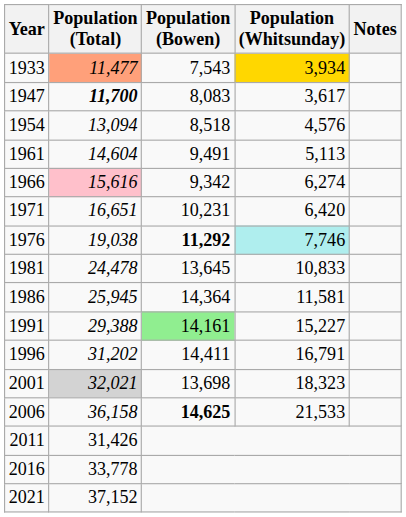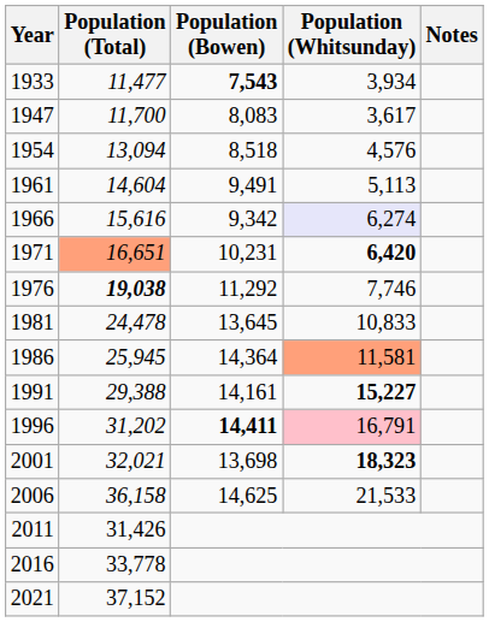 <table class="wikitable" style="text-align:right;">
 <tr>
 <th>Year</th>
 <th>Population<br>(Total)</th>
 <th>Population<br>(Bowen)</th>
 <th>Population<br>(Whitsunday)</th>
 <th>Notes</th>
 </tr>
 <tr>
 <td>1933</td>
-<td style="background: lightsalmon;"><em>11,477</em></td>
-<td>7,543</td>
-<td style="background: gold;">3,934</td>
+<td><em>11,477</em></td>
+<td><strong>7,543</strong></td>
+<td>3,934</td>
 <td></td>
 </tr>
 <tr>
 <td>1947</td>
-<td><strong><em>11,700</em></strong></td>
+<td><em>11,700</em></td>
 <td>8,083</td>
 <td>3,617</td>
 <td></td>
 </tr>
 <tr>
 <td>1954</td>
 <td><em>13,094</em></td>
 <td>8,518</td>
 <td>4,576</td>
 <td></td>
 </tr>
 <tr>
 <td>1961</td>
 <td><em>14,604</em></td>
 <td>9,491</td>
 <td>5,113</td>
 <td></td>
 </tr>
 <tr>
 <td>1966</td>
-<td style="background: pink;"><em>15,616</em></td>
+<td><em>15,616</em></td>
 <td>9,342</td>
-<td>6,274</td>
+<td style="background: lavender;">6,274</td>
 <td></td>
 </tr>
 <tr>
 <td>1971</td>
-<td><em>16,651</em></td>
+<td style="background: lightsalmon;"><em>16,651</em></td>
 <td>10,231</td>
-<td>6,420</td>
+<td><strong>6,420</strong></td>
 <td></td>
 </tr>
 <tr>
 <td>1976</td>
-<td><em>19,038</em></td>
-<td><strong>11,292</strong></td>
-<td style="background: paleturquoise;">7,746</td>
+<td><strong><em>19,038</em></strong></td>
+<td>11,292</td>
+<td>7,746</td>
 <td></td>
 </tr>
 <tr>
 <td>1981</td>
 <td><em>24,478</em></td>
 <td>13,645</td>
 <td>10,833</td>
 <td></td>
 </tr>
 <tr>
 <td>1986</td>
 <td><em>25,945</em></td>
 <td>14,364</td>
-<td>11,581</td>
+<td style="background: lightsalmon;">11,581</td>
 <td></td>
 </tr>
 <tr>
 <td>1991</td>
 <td><em>29,388</em></td>
-<td style="background: lightgreen;">14,161</td>
-<td>15,227</td>
+<td>14,161</td>
+<td><strong>15,227</strong></td>
 <td></td>
 </tr>
 <tr>
 <td>1996</td>
 <td><em>31,202</em></td>
-<td>14,411</td>
-<td>16,791</td>
+<td><strong>14,411</strong></td>
+<td style="background: pink;">16,791</td>
 <td></td>
 </tr>
 <tr>
 <td>2001</td>
-<td style="background: lightgrey;"><em>32,021</em></td>
+<td><em>32,021</em></td>
 <td>13,698</td>
-<td>18,323</td>
+<td><strong>18,323</strong></td>
 <td></td>
 </tr>
 <tr>
 <td>2006</td>
 <td><em>36,158</em></td>
-<td><strong>14,625</strong></td>
+<td>14,625</td>
 <td>21,533</td>
 <td></td>
 </tr>
 <tr>
 <td>2011</td>
 <td>31,426</td>
 <td colspan=3 style="text-align: left;"></td>
 </tr>
 <tr>
 <td>2016</td>
 <td>33,778</td>
 <td colspan=3 style="text-align: left;"></td>
 </tr>
 <tr>
 <td>2021</td>
 <td>37,152</td>
 <td colspan=3 style="text-align: left;"></td>
 </tr>
 </table>
